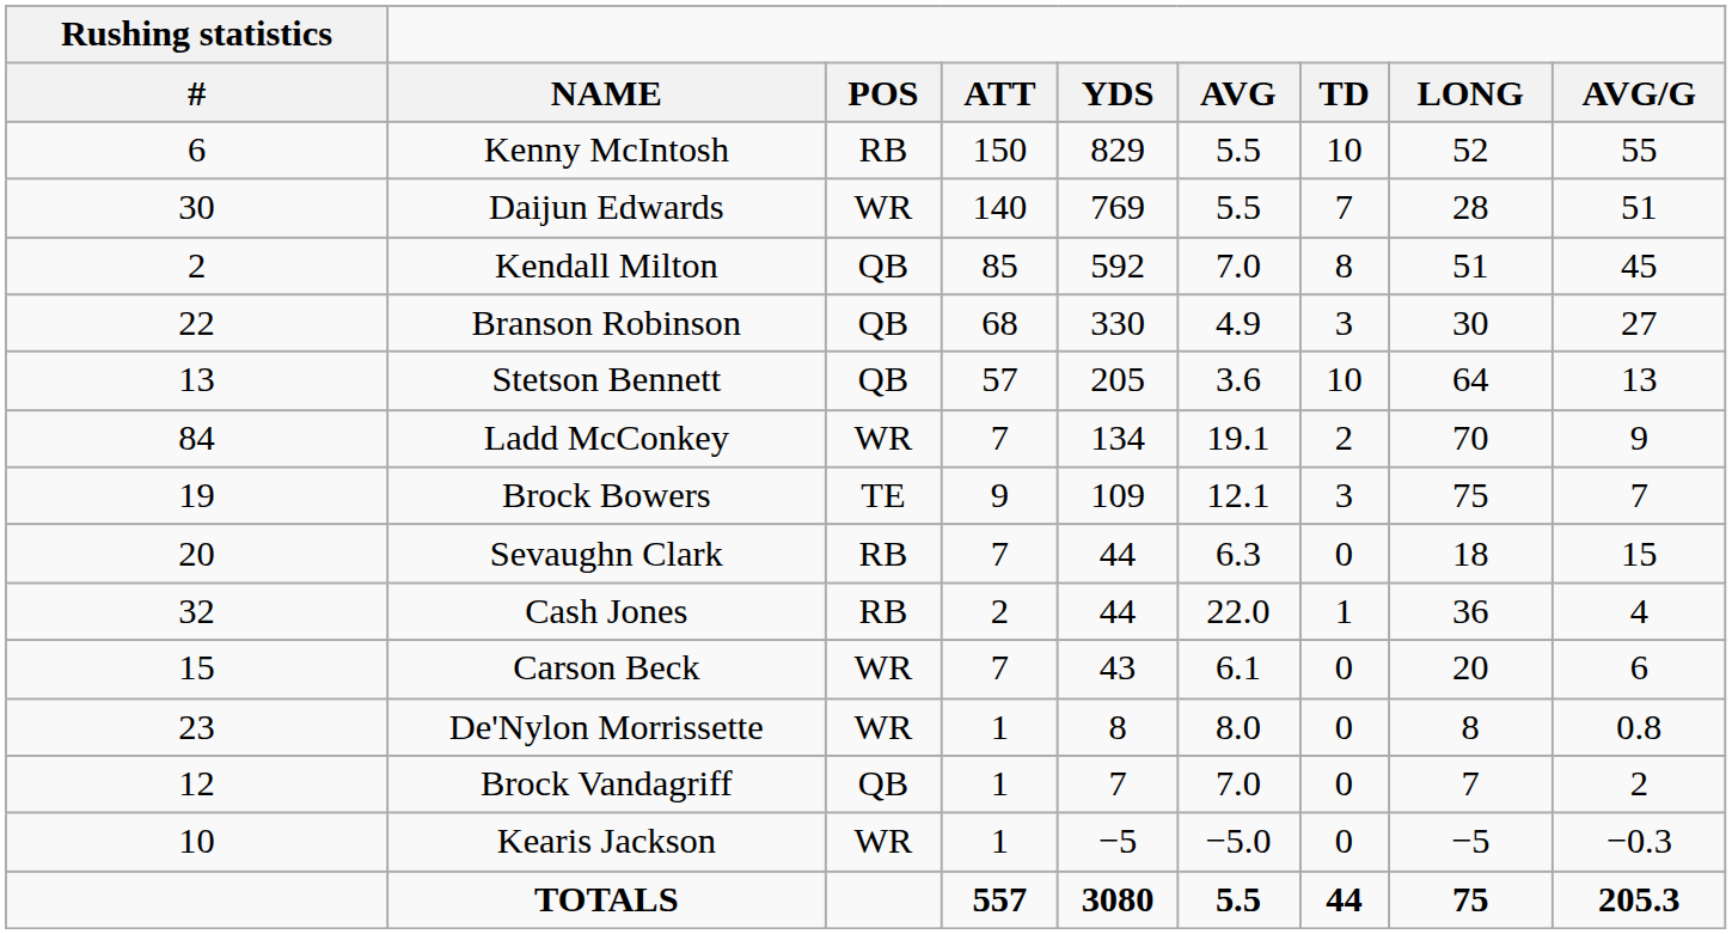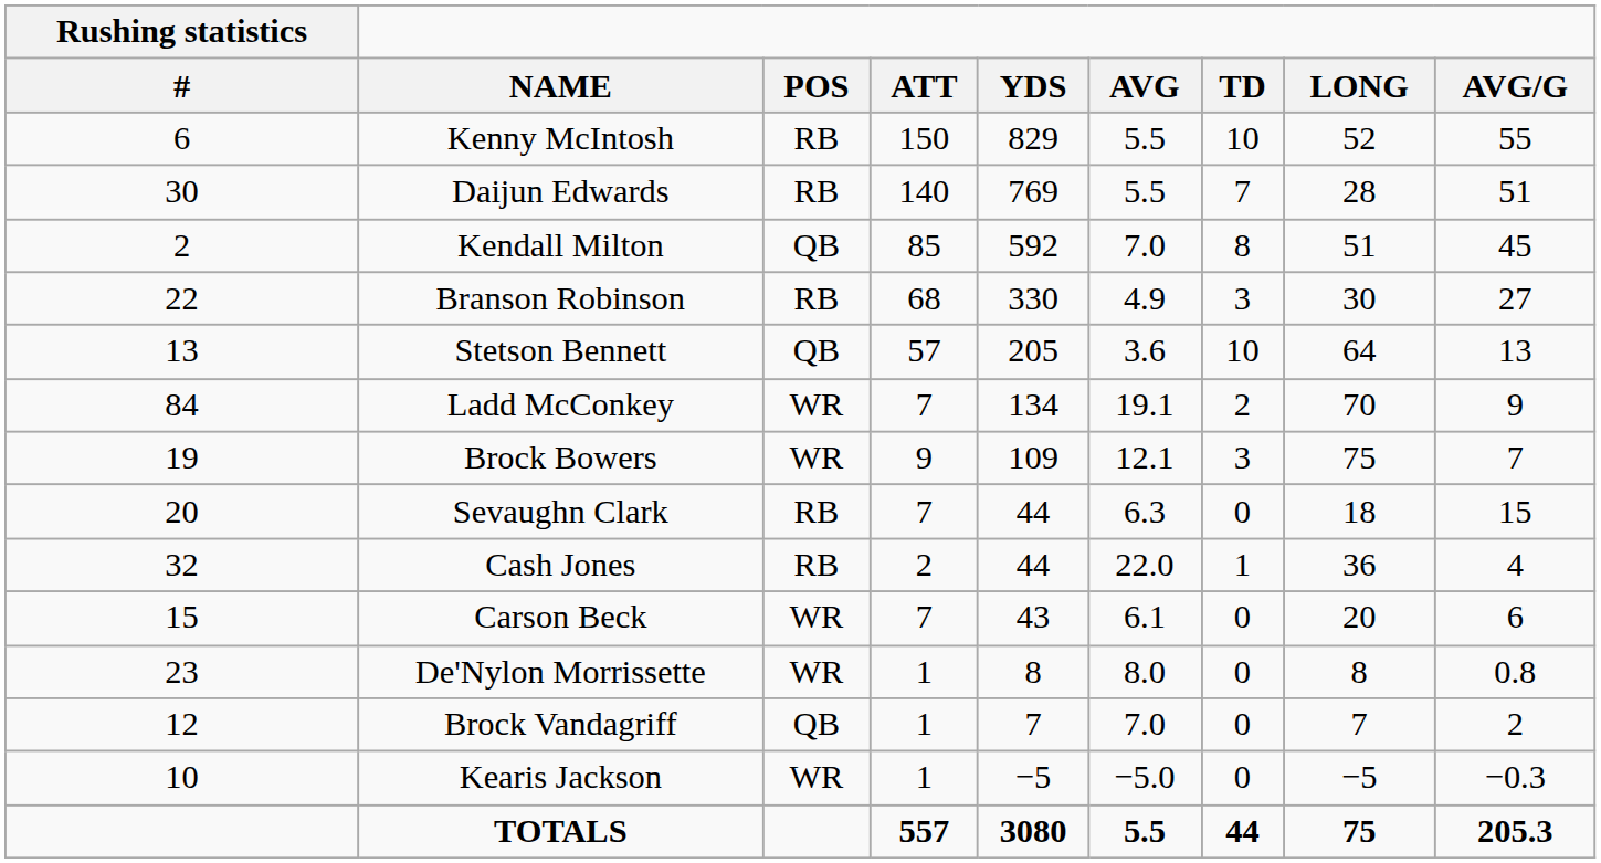 <table style="width:60%; text-align:center;" class="wikitable collapsible collapsed">
 <tr>
 <th style="text-align:center; ">Rushing statistics</th>
 </tr>
 <tr>
 <th>#</th>
 <th>NAME</th>
 <th>POS</th>
 <th>ATT</th>
 <th>YDS</th>
 <th>AVG</th>
 <th>TD</th>
 <th>LONG</th>
 <th>AVG/G</th>
 </tr>
 <tr>
 <td>6</td>
 <td>Kenny McIntosh</td>
 <td>RB</td>
 <td>150</td>
 <td>829</td>
 <td>5.5</td>
 <td>10</td>
 <td>52</td>
 <td>55</td>
 </tr>
 <tr>
 <td>30</td>
 <td>Daijun Edwards</td>
-<td>WR</td>
+<td>RB</td>
 <td>140</td>
 <td>769</td>
 <td>5.5</td>
 <td>7</td>
 <td>28</td>
 <td>51</td>
 </tr>
 <tr>
 <td>2</td>
 <td>Kendall Milton</td>
 <td>QB</td>
 <td>85</td>
 <td>592</td>
 <td>7.0</td>
 <td>8</td>
 <td>51</td>
 <td>45</td>
 </tr>
 <tr>
 <td>22</td>
 <td>Branson Robinson</td>
-<td>QB</td>
+<td>RB</td>
 <td>68</td>
 <td>330</td>
 <td>4.9</td>
 <td>3</td>
 <td>30</td>
 <td>27</td>
 </tr>
 <tr>
 <td>13</td>
 <td>Stetson Bennett</td>
 <td>QB</td>
 <td>57</td>
 <td>205</td>
 <td>3.6</td>
 <td>10</td>
 <td>64</td>
 <td>13</td>
 </tr>
 <tr>
 <td>84</td>
 <td>Ladd McConkey</td>
 <td>WR</td>
 <td>7</td>
 <td>134</td>
 <td>19.1</td>
 <td>2</td>
 <td>70</td>
 <td>9</td>
 </tr>
 <tr>
 <td>19</td>
 <td>Brock Bowers</td>
-<td>TE</td>
+<td>WR</td>
 <td>9</td>
 <td>109</td>
 <td>12.1</td>
 <td>3</td>
 <td>75</td>
 <td>7</td>
 </tr>
 <tr>
 <td>20</td>
 <td>Sevaughn Clark</td>
 <td>RB</td>
 <td>7</td>
 <td>44</td>
 <td>6.3</td>
 <td>0</td>
 <td>18</td>
 <td>15</td>
 </tr>
 <tr>
 <td>32</td>
 <td>Cash Jones</td>
 <td>RB</td>
 <td>2</td>
 <td>44</td>
 <td>22.0</td>
 <td>1</td>
 <td>36</td>
 <td>4</td>
 </tr>
 <tr>
 <td>15</td>
 <td>Carson Beck</td>
 <td>WR</td>
 <td>7</td>
 <td>43</td>
 <td>6.1</td>
 <td>0</td>
 <td>20</td>
 <td>6</td>
 </tr>
 <tr>
 <td>23</td>
 <td>De'Nylon Morrissette</td>
 <td>WR</td>
 <td>1</td>
 <td>8</td>
 <td>8.0</td>
 <td>0</td>
 <td>8</td>
 <td>0.8</td>
 </tr>
 <tr>
 <td>12</td>
 <td>Brock Vandagriff</td>
 <td>QB</td>
 <td>1</td>
 <td>7</td>
 <td>7.0</td>
 <td>0</td>
 <td>7</td>
 <td>2</td>
 </tr>
 <tr>
 <td>10</td>
 <td>Kearis Jackson</td>
 <td>WR</td>
 <td>1</td>
 <td>−5</td>
 <td>−5.0</td>
 <td>0</td>
 <td>−5</td>
 <td>−0.3</td>
 </tr>
 <tr>
 <td></td>
 <td><strong>TOTALS</strong></td>
 <td></td>
 <td><strong>557</strong></td>
 <td><strong>3080</strong></td>
 <td><strong>5.5</strong></td>
 <td><strong>44</strong></td>
 <td><strong>75</strong></td>
 <td><strong>205.3</strong></td>
 </tr>
 </table>
